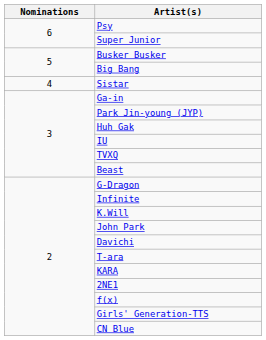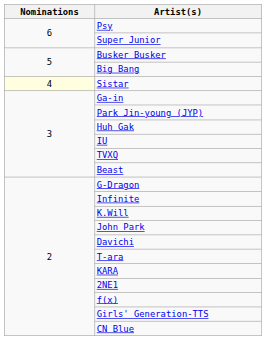 <table class="wikitable"  style="width:30%;">
 <tr>
 <th scope="col">Nominations</th>
 <th scope="col">Artist(s)</th>
 </tr>
 <tr>
 <td align=center rowspan=2>6</td>
 <td><a href='#'>Psy</a></td>
 </tr>
 <tr>
 <td><a href='#'>Super Junior</a></td>
 </tr>
 <tr>
 <td align=center rowspan=2>5</td>
 <td><a href='#'>Busker Busker</a></td>
 </tr>
 <tr>
 <td><a href='#'>Big Bang</a></td>
 </tr>
 <tr>
-<td align=center>4</td>
+<td align=center style="background: lightyellow;">4</td>
 <td><a href='#'>Sistar</a></td>
 </tr>
 <tr>
 <td align=center rowspan=6>3</td>
 <td><a href='#'>Ga-in</a></td>
 </tr>
 <tr>
 <td><a href='#'>Park Jin-young (JYP)</a></td>
 </tr>
 <tr>
 <td><a href='#'>Huh Gak</a></td>
 </tr>
 <tr>
 <td><a href='#'>IU</a></td>
 </tr>
 <tr>
 <td><a href='#'>TVXQ</a></td>
 </tr>
 <tr>
 <td><a href='#'>Beast</a></td>
 </tr>
 <tr>
 <td align=center rowspan=11>2</td>
 <td><a href='#'>G-Dragon</a></td>
 </tr>
 <tr>
 <td><a href='#'>Infinite</a></td>
 </tr>
 <tr>
 <td><a href='#'>K.Will</a></td>
 </tr>
 <tr>
 <td><a href='#'>John Park</a></td>
 </tr>
 <tr>
 <td><a href='#'>Davichi</a></td>
 </tr>
 <tr>
 <td><a href='#'>T-ara</a></td>
 </tr>
 <tr>
 <td><a href='#'>KARA</a></td>
 </tr>
 <tr>
 <td><a href='#'>2NE1</a></td>
 </tr>
 <tr>
 <td><a href='#'>f(x)</a></td>
 </tr>
 <tr>
 <td><a href='#'>Girls' Generation-TTS</a></td>
 </tr>
 <tr>
 <td><a href='#'>CN Blue</a></td>
 </tr>
 </table>
